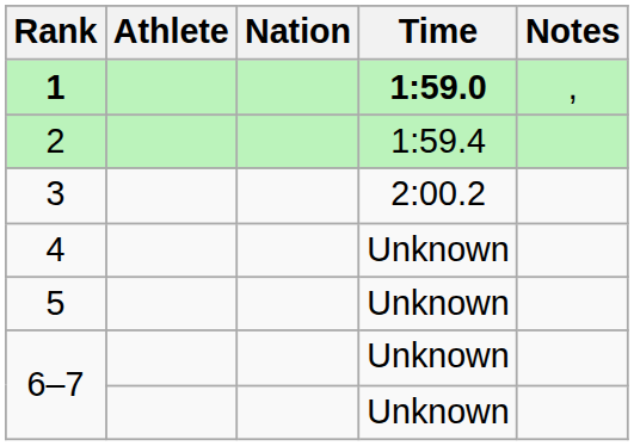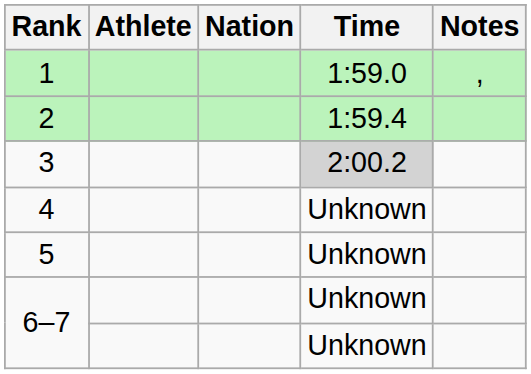 <table class="wikitable sortable" style="text-align:center">
 <tr>
 <th>Rank</th>
 <th>Athlete</th>
 <th>Nation</th>
 <th>Time</th>
 <th>Notes</th>
 </tr>
 <tr style="background:#bbf3bb;">
-<td><strong>1</strong></td>
+<td>1</td>
 <td align=left></td>
 <td align=left></td>
-<td><strong>1:59.0</strong></td>
+<td>1:59.0</td>
 <td>, </td>
 </tr>
 <tr style="background:#bbf3bb;">
 <td>2</td>
 <td align=left></td>
 <td align=left></td>
 <td>1:59.4</td>
 <td></td>
 </tr>
 <tr>
 <td>3</td>
 <td align=left></td>
 <td align=left></td>
-<td>2:00.2</td>
+<td style="background: lightgrey;">2:00.2</td>
 <td></td>
 </tr>
 <tr>
 <td>4</td>
 <td align=left></td>
 <td align=left></td>
 <td data-sort-value=5:00.0>Unknown</td>
 <td></td>
 </tr>
 <tr>
 <td>5</td>
 <td align=left></td>
 <td align=left></td>
 <td data-sort-value=6:00.0>Unknown</td>
 <td></td>
 </tr>
 <tr>
 <td rowspan=2>6–7</td>
 <td align=left></td>
 <td align=left></td>
 <td data-sort-value=7:00.0>Unknown</td>
 <td></td>
 </tr>
 <tr>
 <td align=left></td>
 <td align=left></td>
 <td data-sort-value=7:00.0>Unknown</td>
 <td></td>
 </tr>
 </table>
